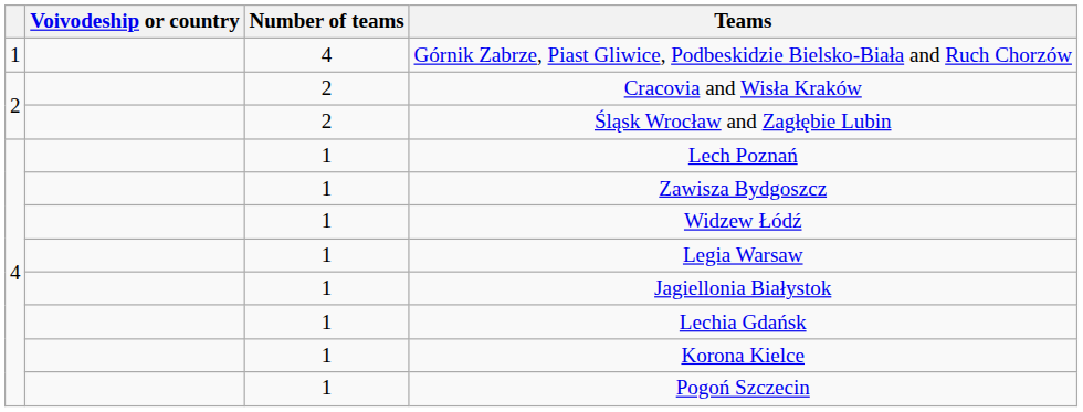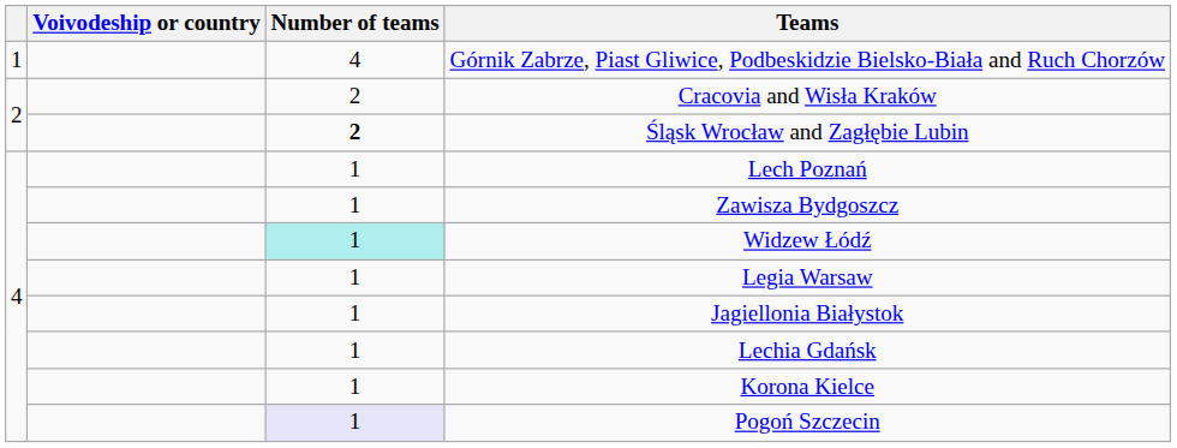 <table class="wikitable">
 <tr>
 <th></th>
 <th><a href='#'>Voivodeship</a> or country</th>
 <th>Number of teams</th>
 <th>Teams</th>
 </tr>
 <tr>
 <td>1</td>
 <td></td>
 <td align=center>4</td>
 <td align=center><a href='#'>Górnik Zabrze</a>, <a href='#'>Piast Gliwice</a>, <a href='#'>Podbeskidzie Bielsko-Biała</a> and <a href='#'>Ruch Chorzów</a></td>
 </tr>
 <tr>
 <td rowspan=2>2</td>
 <td></td>
 <td align=center>2</td>
 <td align=center><a href='#'>Cracovia</a> and <a href='#'>Wisła Kraków</a></td>
 </tr>
 <tr>
 <td></td>
-<td align=center>2</td>
+<td align=center><strong>2</strong></td>
 <td align=center><a href='#'>Śląsk Wrocław</a> and <a href='#'>Zagłębie Lubin</a></td>
 </tr>
 <tr>
 <td rowspan=8>4</td>
 <td></td>
 <td align=center>1</td>
 <td align=center><a href='#'>Lech Poznań</a></td>
 </tr>
 <tr>
 <td></td>
 <td align=center>1</td>
 <td align=center><a href='#'>Zawisza Bydgoszcz</a></td>
 </tr>
 <tr>
 <td></td>
-<td align=center>1</td>
+<td align=center style="background: paleturquoise;">1</td>
 <td align=center><a href='#'>Widzew Łódź</a></td>
 </tr>
 <tr>
 <td></td>
 <td align=center>1</td>
 <td align=center><a href='#'>Legia Warsaw</a></td>
 </tr>
 <tr>
 <td></td>
 <td align=center>1</td>
 <td align=center><a href='#'>Jagiellonia Białystok</a></td>
 </tr>
 <tr>
 <td></td>
 <td align=center>1</td>
 <td align=center><a href='#'>Lechia Gdańsk</a></td>
 </tr>
 <tr>
 <td></td>
 <td align=center>1</td>
 <td align=center><a href='#'>Korona Kielce</a></td>
 </tr>
 <tr>
 <td></td>
-<td align=center>1</td>
+<td align=center style="background: lavender;">1</td>
 <td align=center><a href='#'>Pogoń Szczecin</a></td>
 </tr>
 </table>
